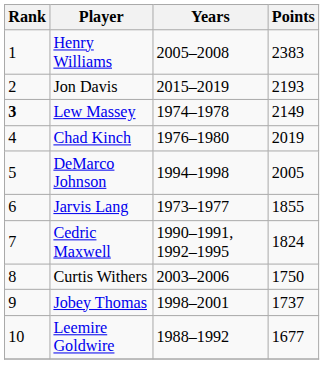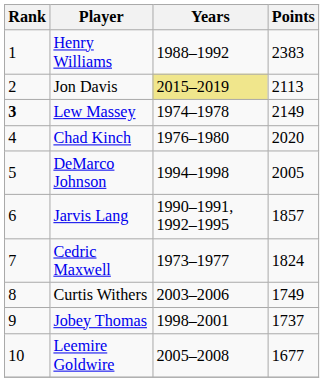 <table class="wikitable sortable" style="width: 50%">
 <tr>
 <th>Rank</th>
 <th>Player</th>
 <th>Years</th>
 <th>Points</th>
 </tr>
 <tr>
 <td>1</td>
 <td><a href='#'>Henry Williams</a></td>
-<td>2005–2008</td>
+<td>1988–1992</td>
 <td>2383</td>
 </tr>
 <tr>
 <td>2</td>
 <td>Jon Davis</td>
-<td>2015–2019</td>
-<td>2193</td>
+<td style="background: khaki;">2015–2019</td>
+<td>2113</td>
 </tr>
 <tr>
 <td><strong>3</strong></td>
 <td><a href='#'>Lew Massey</a></td>
 <td>1974–1978</td>
 <td>2149</td>
 </tr>
 <tr>
 <td>4</td>
 <td><a href='#'>Chad Kinch</a></td>
 <td>1976–1980</td>
-<td>2019</td>
+<td>2020</td>
 </tr>
 <tr>
 <td>5</td>
 <td><a href='#'>DeMarco Johnson</a></td>
 <td>1994–1998</td>
 <td>2005</td>
 </tr>
 <tr>
 <td>6</td>
 <td><a href='#'>Jarvis Lang</a></td>
-<td>1973–1977</td>
-<td>1855</td>
+<td>1990–1991, 1992–1995</td>
+<td>1857</td>
 </tr>
 <tr>
 <td>7</td>
 <td><a href='#'>Cedric Maxwell</a></td>
-<td>1990–1991, 1992–1995</td>
+<td>1973–1977</td>
 <td>1824</td>
 </tr>
 <tr>
 <td>8</td>
 <td>Curtis Withers</td>
 <td>2003–2006</td>
-<td>1750</td>
+<td>1749</td>
 </tr>
 <tr>
 <td>9</td>
 <td><a href='#'>Jobey Thomas</a></td>
 <td>1998–2001</td>
 <td>1737</td>
 </tr>
 <tr>
 <td>10</td>
 <td><a href='#'>Leemire Goldwire</a></td>
-<td>1988–1992</td>
+<td>2005–2008</td>
 <td>1677</td>
 </tr>
 <tr>
 </tr>
 </table>
